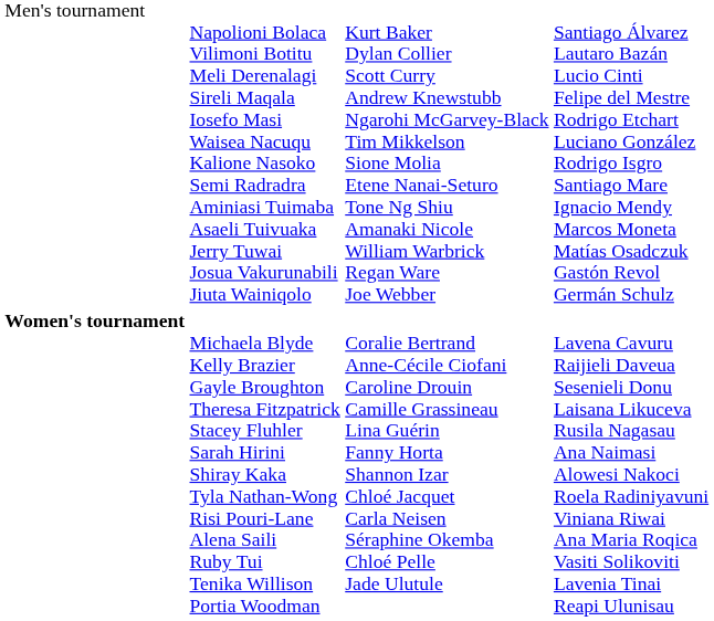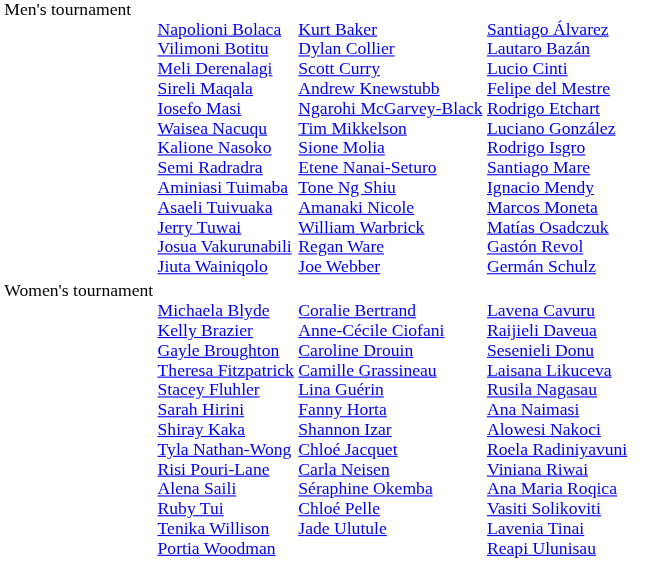 <table>
 <tr valign="top">
 <td>Men's tournament<br></td>
 <td><br><a href='#'>Napolioni Bolaca</a><br><a href='#'>Vilimoni Botitu</a><br><a href='#'>Meli Derenalagi</a><br><a href='#'>Sireli Maqala</a><br><a href='#'>Iosefo Masi</a><br><a href='#'>Waisea Nacuqu</a><br><a href='#'>Kalione Nasoko</a><br><a href='#'>Semi Radradra</a><br><a href='#'>Aminiasi Tuimaba</a><br><a href='#'>Asaeli Tuivuaka</a><br><a href='#'>Jerry Tuwai</a><br><a href='#'>Josua Vakurunabili</a><br><a href='#'>Jiuta Wainiqolo</a></td>
 <td><br><a href='#'>Kurt Baker</a><br><a href='#'>Dylan Collier</a><br><a href='#'>Scott Curry</a><br><a href='#'>Andrew Knewstubb</a><br><a href='#'>Ngarohi McGarvey-Black</a><br><a href='#'>Tim Mikkelson</a><br><a href='#'>Sione Molia</a><br><a href='#'>Etene Nanai-Seturo</a><br><a href='#'>Tone Ng Shiu</a><br><a href='#'>Amanaki Nicole</a><br><a href='#'>William Warbrick</a><br><a href='#'>Regan Ware</a><br><a href='#'>Joe Webber</a></td>
 <td><br><a href='#'>Santiago Álvarez</a><br><a href='#'>Lautaro Bazán</a><br><a href='#'>Lucio Cinti</a><br><a href='#'>Felipe del Mestre</a><br><a href='#'>Rodrigo Etchart</a><br><a href='#'>Luciano González</a><br><a href='#'>Rodrigo Isgro</a><br><a href='#'>Santiago Mare</a><br><a href='#'>Ignacio Mendy</a><br><a href='#'>Marcos Moneta</a><br><a href='#'>Matías Osadczuk</a><br><a href='#'>Gastón Revol</a><br><a href='#'>Germán Schulz</a></td>
 </tr>
 <tr valign="top">
-<td><strong>Women's tournament<br></strong></td>
+<td>Women's tournament<br></td>
 <td><br><a href='#'>Michaela Blyde</a><br><a href='#'>Kelly Brazier</a><br><a href='#'>Gayle Broughton</a><br><a href='#'>Theresa Fitzpatrick</a><br><a href='#'>Stacey Fluhler</a><br><a href='#'>Sarah Hirini</a><br><a href='#'>Shiray Kaka</a><br><a href='#'>Tyla Nathan-Wong</a><br><a href='#'>Risi Pouri-Lane</a><br><a href='#'>Alena Saili</a><br><a href='#'>Ruby Tui</a><br><a href='#'>Tenika Willison</a><br><a href='#'>Portia Woodman</a></td>
 <td><br><a href='#'>Coralie Bertrand</a><br><a href='#'>Anne-Cécile Ciofani</a><br><a href='#'>Caroline Drouin</a><br><a href='#'>Camille Grassineau</a><br><a href='#'>Lina Guérin</a><br><a href='#'>Fanny Horta</a><br><a href='#'>Shannon Izar</a><br><a href='#'>Chloé Jacquet</a><br><a href='#'>Carla Neisen</a><br><a href='#'>Séraphine Okemba</a><br><a href='#'>Chloé Pelle</a><br><a href='#'>Jade Ulutule</a></td>
 <td><br><a href='#'>Lavena Cavuru</a><br><a href='#'>Raijieli Daveua</a><br><a href='#'>Sesenieli Donu</a><br><a href='#'>Laisana Likuceva</a><br><a href='#'>Rusila Nagasau</a><br><a href='#'>Ana Naimasi</a><br><a href='#'>Alowesi Nakoci</a><br><a href='#'>Roela Radiniyavuni</a><br><a href='#'>Viniana Riwai</a><br><a href='#'>Ana Maria Roqica</a><br><a href='#'>Vasiti Solikoviti</a><br><a href='#'>Lavenia Tinai</a><br><a href='#'>Reapi Ulunisau</a></td>
 </tr>
 </table>
